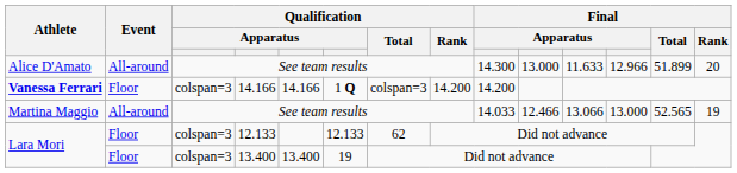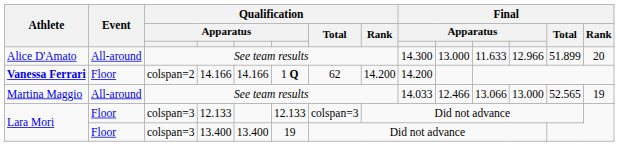 <table class="wikitable" style="font-size:90%;text-align:center">
 <tr>
 <th rowspan="3">Athlete</th>
 <th rowspan="3">Event</th>
 <th colspan="6">Qualification</th>
 <th colspan="6">Final</th>
 </tr>
 <tr style="font-size:95%">
 <th colspan="4">Apparatus</th>
 <th rowspan="2">Total</th>
 <th rowspan="2">Rank</th>
 <th colspan="4">Apparatus</th>
 <th rowspan="2">Total</th>
 <th rowspan="2">Rank</th>
 </tr>
 <tr style="font-size:95%">
 <th></th>
 <th></th>
 <th></th>
 <th></th>
 <th></th>
 <th></th>
 <th></th>
 <th></th>
 </tr>
 <tr>
 <td align=left><a href='#'>Alice D'Amato</a></td>
 <td align=left><a href='#'>All-around</a></td>
 <td colspan=6><em>See team results</em></td>
 <td>14.300</td>
 <td>13.000</td>
 <td>11.633</td>
 <td>12.966</td>
 <td>51.899</td>
 <td>20</td>
 </tr>
 <tr>
 <td align=left><strong><a href='#'>Vanessa Ferrari</a></strong></td>
 <td align=left><a href='#'>Floor</a></td>
-<td>colspan=3 </td>
+<td>colspan=2 </td>
 <td>14.166</td>
 <td>14.166</td>
 <td>1 <strong>Q</strong></td>
-<td>colspan=3 </td>
+<td>62</td>
 <td>14.200</td>
 <td>14.200</td>
 <td></td>
 </tr>
 <tr>
 <td align=left><a href='#'>Martina Maggio</a></td>
 <td align=left><a href='#'>All-around</a></td>
 <td colspan=6><em>See team results</em></td>
 <td>14.033</td>
 <td>12.466</td>
 <td>13.066</td>
 <td>13.000</td>
 <td>52.565</td>
 <td>19</td>
 </tr>
 <tr>
 <td align="left" rowspan=2><a href='#'>Lara Mori</a></td>
 <td align=left><a href='#'>Floor</a></td>
 <td>colspan=3 </td>
 <td>12.133</td>
 <td></td>
 <td>12.133</td>
-<td>62</td>
+<td>colspan=3 </td>
 <td colspan=6>Did not advance</td>
 </tr>
 <tr>
 <td align=left><a href='#'>Floor</a></td>
 <td>colspan=3 </td>
 <td>13.400</td>
 <td>13.400</td>
 <td>19</td>
 <td colspan=6>Did not advance</td>
 </tr>
 </table>
